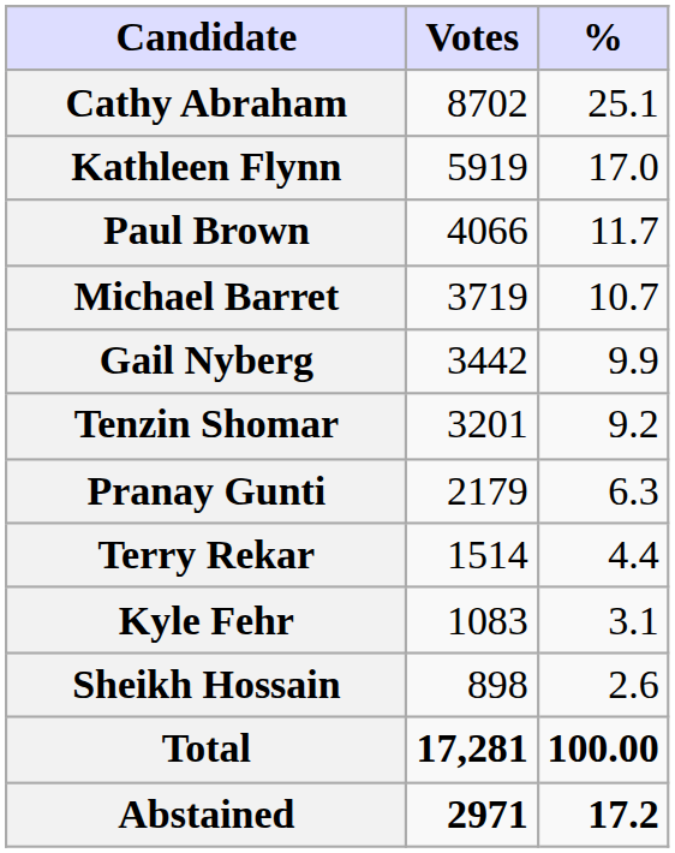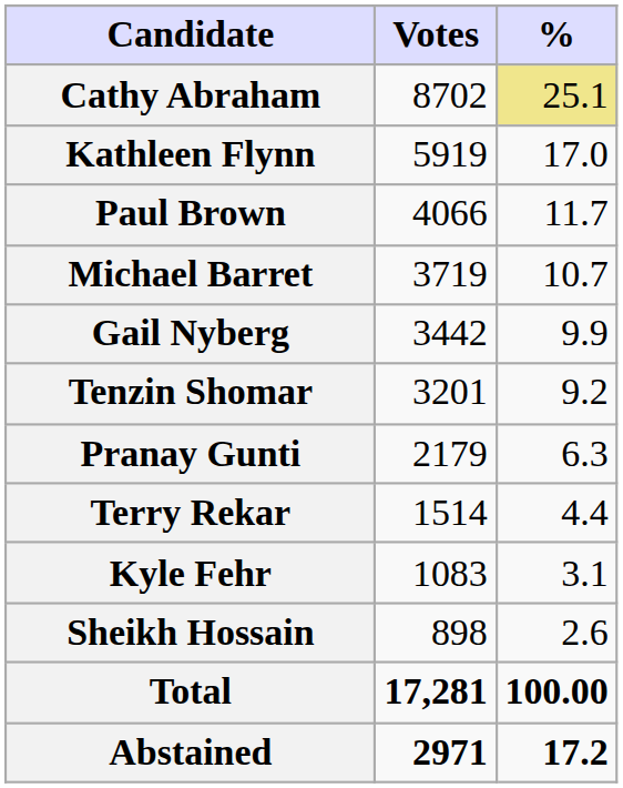 <table class="wikitable sortable plainrowheaders">
 <tr style="background-color:#E9E9E9">
 </tr>
 <tr>
 <th scope="col" style="background:#ddf; width:150px;">Candidate</th>
 <th scope="col" style="background:#ddf;">Votes</th>
 <th scope="col" style="background:#ddf;">%</th>
 </tr>
 <tr>
 <th scope="row">Cathy Abraham</th>
 <td align="right">8702</td>
-<td align=right>25.1</td>
+<td align=right style="background: khaki;">25.1</td>
 </tr>
 <tr>
 <th scope="row">Kathleen Flynn</th>
 <td align="right">5919</td>
 <td align=right>17.0</td>
 </tr>
 <tr>
 <th scope="row">Paul Brown</th>
 <td align="right">4066</td>
 <td align=right>11.7</td>
 </tr>
 <tr>
 <th scope="row">Michael Barret</th>
 <td align="right">3719</td>
 <td align=right>10.7</td>
 </tr>
 <tr>
 <th scope="row">Gail Nyberg</th>
 <td align="right">3442</td>
 <td align=right>9.9</td>
 </tr>
 <tr>
 <th scope="row">Tenzin Shomar</th>
 <td align="right">3201</td>
 <td align=right>9.2</td>
 </tr>
 <tr>
 <th scope="row">Pranay Gunti</th>
 <td align="right">2179</td>
 <td align=right>6.3</td>
 </tr>
 <tr>
 <th scope="row">Terry Rekar</th>
 <td align="right">1514</td>
 <td align=right>4.4</td>
 </tr>
 <tr>
 <th scope="row">Kyle Fehr</th>
 <td align="right">1083</td>
 <td align=right>3.1</td>
 </tr>
 <tr>
 <th scope="row">Sheikh Hossain</th>
 <td align="right">898</td>
 <td align=right>2.6</td>
 </tr>
 <tr>
 <th scope="row"><strong>Total</strong></th>
 <td align="right"><strong>17,281</strong></td>
 <td align=right><strong>100.00</strong></td>
 </tr>
 <tr>
 <th scope="row"><strong>Abstained</strong></th>
 <td align="right"><strong>2971</strong></td>
 <td align=right><strong>17.2</strong></td>
 </tr>
 </table>
